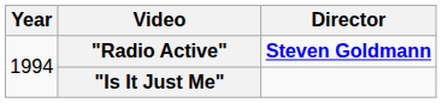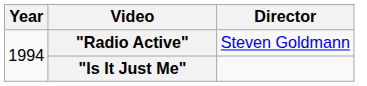 <table class="wikitable plainrowheaders">
 <tr>
 <th>Year</th>
 <th style="width:10em;">Video</th>
 <th>Director</th>
 </tr>
 <tr>
 <td rowspan="2">1994</td>
 <th scope="row">"Radio Active"</th>
-<td><strong><a href='#'>Steven Goldmann</a></strong></td>
+<td><a href='#'>Steven Goldmann</a></td>
 </tr>
 <tr>
 <th scope="row">"Is It Just Me"</th>
 <td></td>
 </tr>
 </table>
